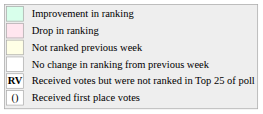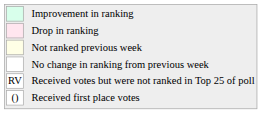 <table style="font-size:90%; border:1px solid #aaa; white-space:nowrap; background:#eee;">
 <tr>
 <td style="background:#d8ffeb; width:20px; border:1px solid #aaa;"> </td>
 <td rowspan=6> </td>
 <td>Improvement in ranking</td>
 </tr>
 <tr>
 <td style="background:#ffe6ef; width:20px; border:1px solid #aaa;"> </td>
 <td>Drop in ranking</td>
 </tr>
 <tr>
 <td style="background:#ffffe6; width:20px; border:1px solid #aaa;"> </td>
 <td>Not ranked previous week</td>
 </tr>
 <tr>
 <td style="background:#fff; width:20px; border:1px solid #aaa;"> </td>
 <td>No change in ranking from previous week</td>
 </tr>
 <tr>
-<td style="text-align:center; width:20px; border:1px solid #aaa; background:white;"><strong>RV</strong></td>
+<td style="text-align:center; width:20px; border:1px solid #aaa; background:white;">RV</td>
 <td>Received votes but were not ranked in Top 25 of poll</td>
 </tr>
 <tr>
 <td style="text-align:center; width:20px; border:1px solid #aaa; background:white;">()</td>
 <td>Received first place votes</td>
 </tr>
 <tr>
 </tr>
 </table>
